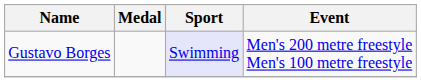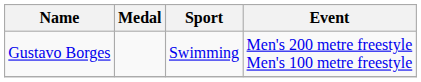 <table class="wikitable" style="font-size:90%">
 <tr>
 <th>Name</th>
 <th>Medal</th>
 <th>Sport</th>
 <th>Event</th>
 </tr>
 <tr>
 <td><a href='#'>Gustavo Borges</a></td>
 <td><br></td>
-<td style="background: lavender;"><a href='#'>Swimming</a></td>
+<td><a href='#'>Swimming</a></td>
 <td><a href='#'>Men's 200 metre freestyle</a><br><a href='#'>Men's 100 metre freestyle</a></td>
 </tr>
 <tr>
 </tr>
 </table>
